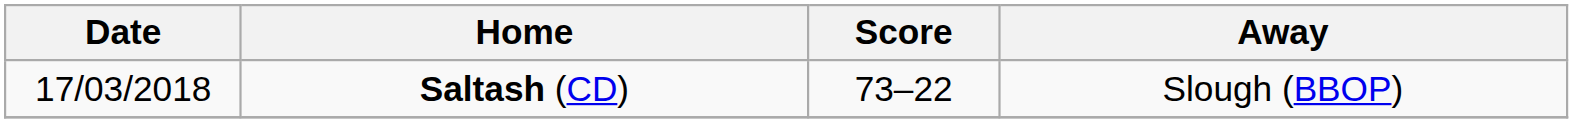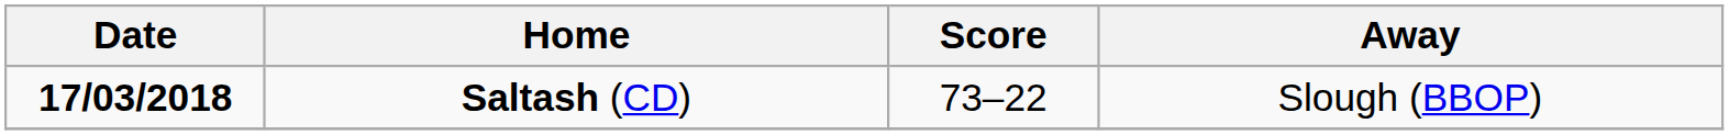 <table class="wikitable" style="text-align: center">
 <tr>
 <th width=100>Date</th>
 <th width=250>Home</th>
 <th width=80>Score</th>
 <th width=250>Away</th>
 </tr>
 <tr>
-<td>17/03/2018</td>
+<td><strong>17/03/2018</strong></td>
 <td><strong>Saltash</strong> (<a href='#'>CD</a>)</td>
 <td>73–22</td>
 <td>Slough (<a href='#'>BBOP</a>)</td>
 </tr>
 <tr>
 </tr>
 </table>
